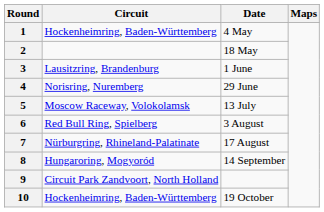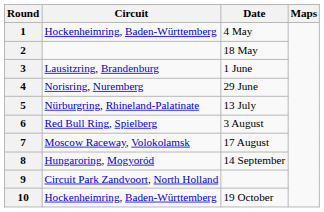 <table class="wikitable" border="1" style="font-size: 85%;">
 <tr>
 <th>Round</th>
 <th>Circuit</th>
 <th>Date</th>
 <th>Maps</th>
 </tr>
 <tr>
 <th>1</th>
 <td> <a href='#'>Hockenheimring</a>, <a href='#'>Baden-Württemberg</a></td>
 <td>4 May</td>
 <td rowspan=10><br>         </td>
 </tr>
 <tr>
 <th>2</th>
 <td></td>
 <td>18 May</td>
 </tr>
 <tr>
 <th>3</th>
 <td> <a href='#'>Lausitzring</a>, <a href='#'>Brandenburg</a></td>
 <td>1 June</td>
 </tr>
 <tr>
 <th>4</th>
 <td> <a href='#'>Norisring</a>, <a href='#'>Nuremberg</a></td>
 <td>29 June</td>
 </tr>
 <tr>
 <th>5</th>
-<td> <a href='#'>Moscow Raceway</a>, <a href='#'>Volokolamsk</a></td>
+<td>  <a href='#'>Nürburgring</a>, <a href='#'>Rhineland-Palatinate</a></td>
 <td>13 July</td>
 </tr>
 <tr>
 <th>6</th>
 <td> <a href='#'>Red Bull Ring</a>, <a href='#'>Spielberg</a></td>
 <td>3 August</td>
 </tr>
 <tr>
 <th>7</th>
-<td>  <a href='#'>Nürburgring</a>, <a href='#'>Rhineland-Palatinate</a></td>
+<td> <a href='#'>Moscow Raceway</a>, <a href='#'>Volokolamsk</a></td>
 <td>17 August</td>
 </tr>
 <tr>
 <th>8</th>
 <td> <a href='#'>Hungaroring</a>, <a href='#'>Mogyoród</a></td>
 <td>14 September</td>
 </tr>
 <tr>
 <th>9</th>
 <td> <a href='#'>Circuit Park Zandvoort</a>, <a href='#'>North Holland</a></td>
 <td></td>
 </tr>
 <tr>
 <th>10</th>
 <td> <a href='#'>Hockenheimring</a>, <a href='#'>Baden-Württemberg</a></td>
 <td>19 October</td>
 </tr>
 </table>
